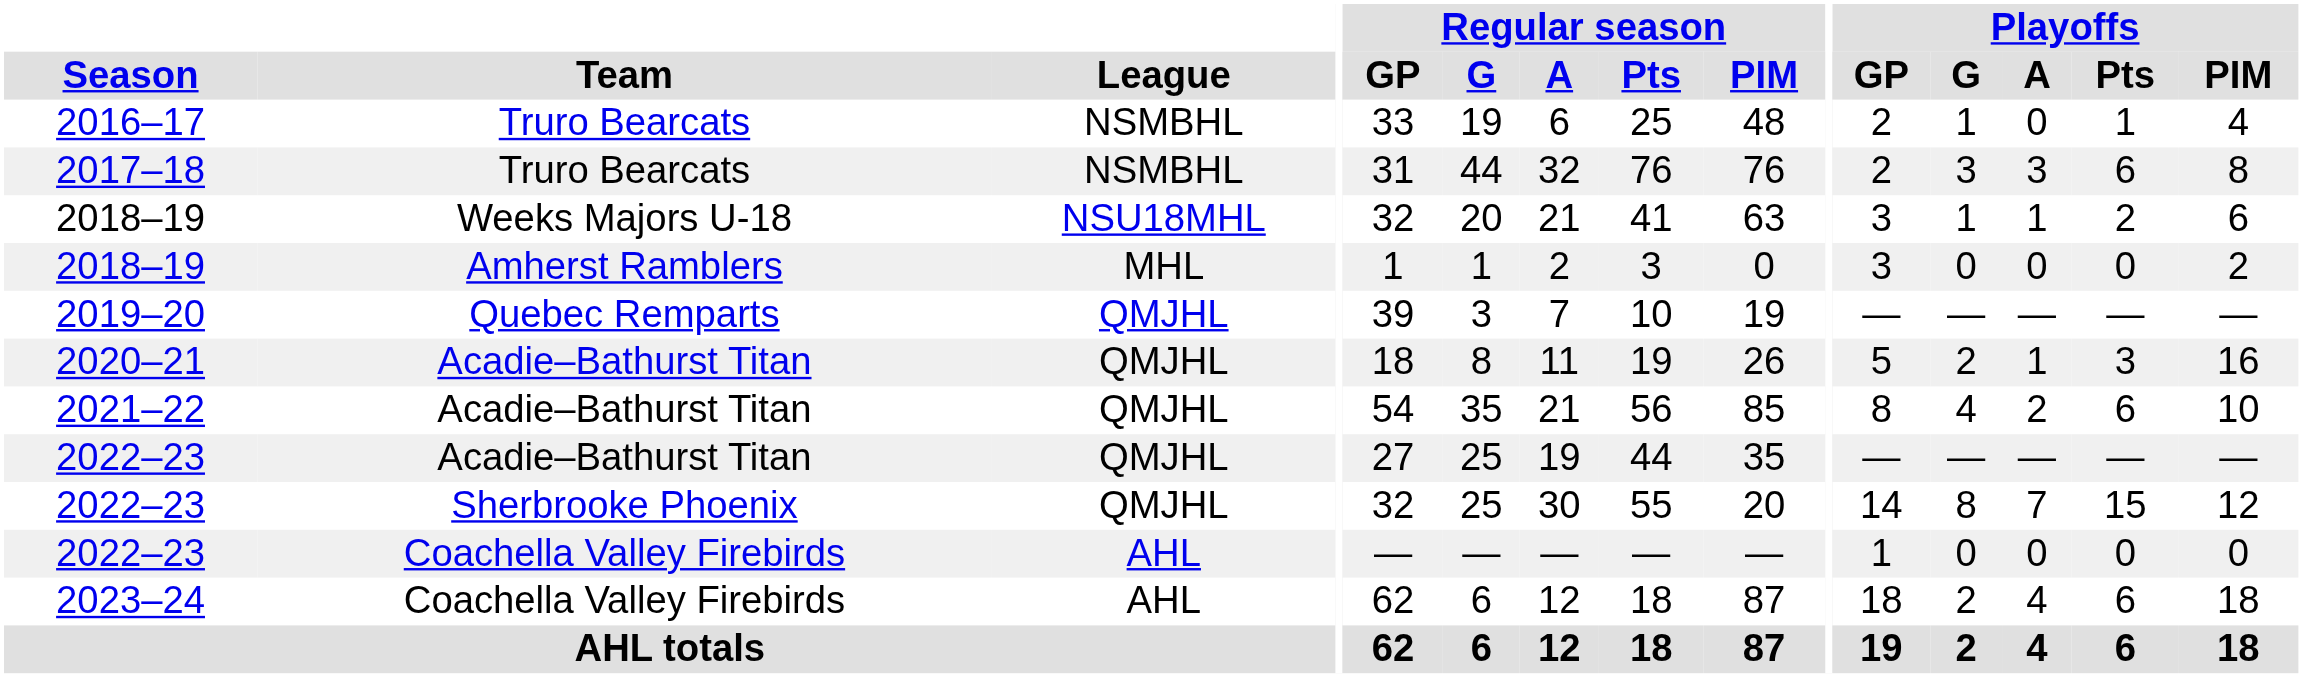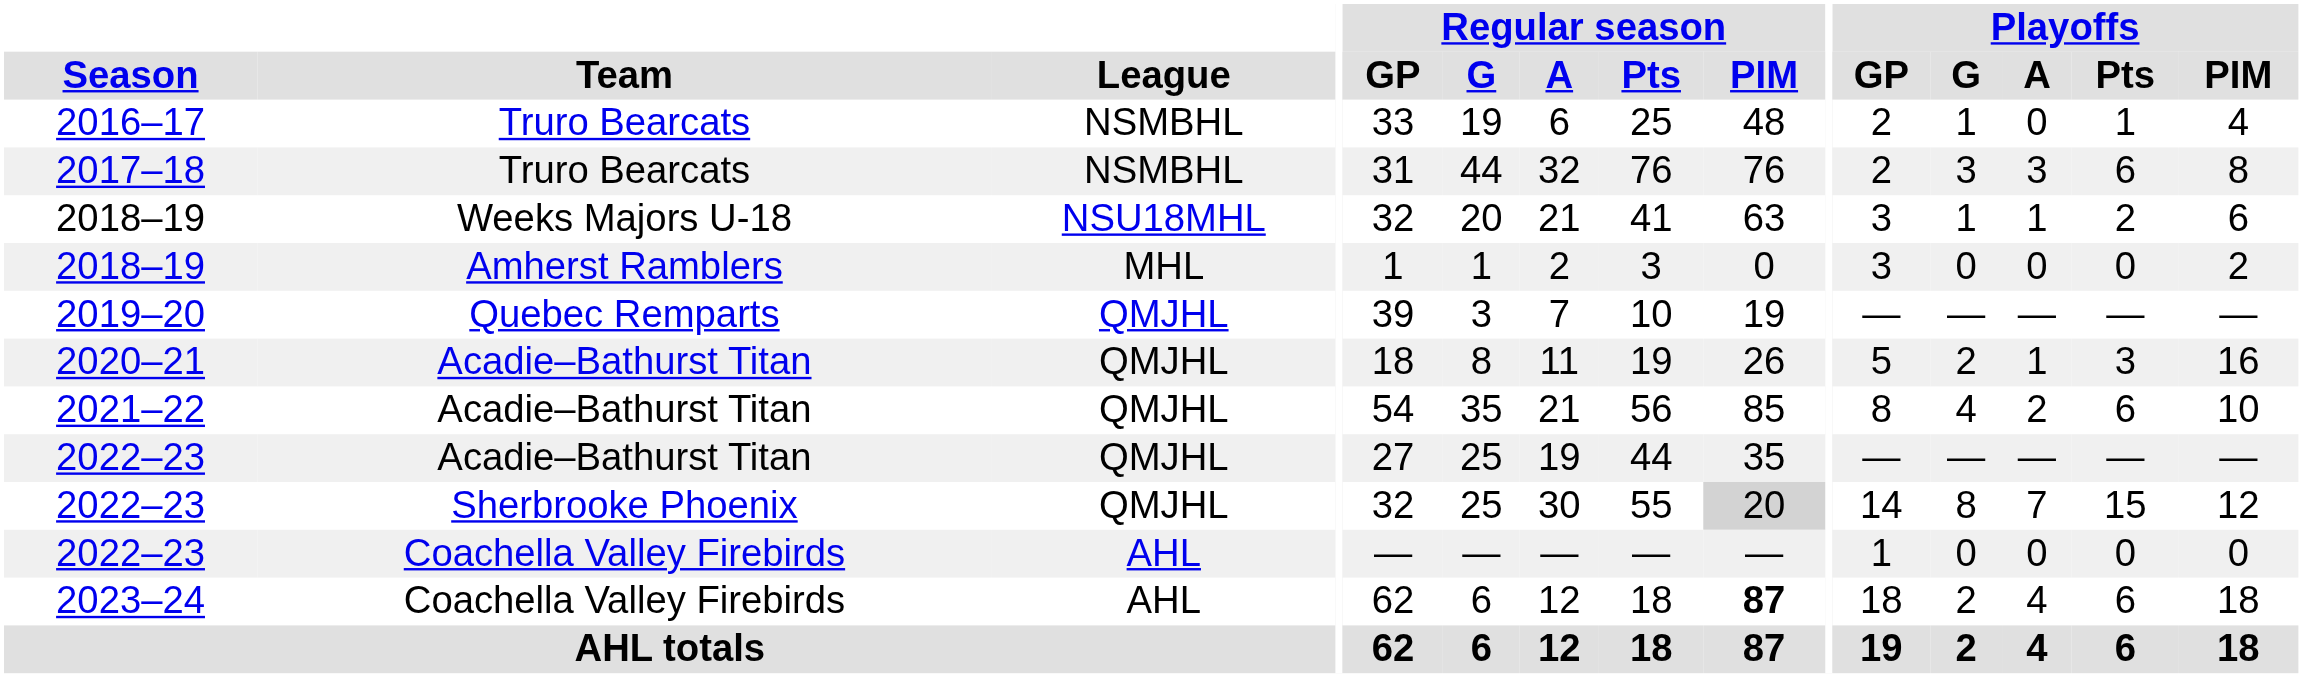 <table border="0" cellpadding="1" cellspacing="0" style="text-align:center; width:60em">
 <tr bgcolor="#e0e0e0">
 <th colspan="3" bgcolor="#ffffff"></th>
 <th rowspan="101" bgcolor="#ffffff"></th>
 <th colspan="5"><a href='#'>Regular season</a></th>
 <th rowspan="101" bgcolor="#ffffff"></th>
 <th colspan="5"><a href='#'>Playoffs</a></th>
 </tr>
 <tr bgcolor="#e0e0e0">
 <th><a href='#'>Season</a></th>
 <th>Team</th>
 <th>League</th>
 <th>GP</th>
 <th><a href='#'>G</a></th>
 <th><a href='#'>A</a></th>
 <th><a href='#'>Pts</a></th>
 <th><a href='#'>PIM</a></th>
 <th>GP</th>
 <th>G</th>
 <th>A</th>
 <th>Pts</th>
 <th>PIM</th>
 </tr>
 <tr>
 <td><a href='#'>2016–17</a></td>
 <td><a href='#'>Truro Bearcats</a></td>
 <td>NSMBHL</td>
 <td>33</td>
 <td>19</td>
 <td>6</td>
 <td>25</td>
 <td>48</td>
 <td>2</td>
 <td>1</td>
 <td>0</td>
 <td>1</td>
 <td>4</td>
 </tr>
 <tr bgcolor="#f0f0f0">
 <td><a href='#'>2017–18</a></td>
 <td>Truro Bearcats</td>
 <td>NSMBHL</td>
 <td>31</td>
 <td>44</td>
 <td>32</td>
 <td>76</td>
 <td>76</td>
 <td>2</td>
 <td>3</td>
 <td>3</td>
 <td>6</td>
 <td>8</td>
 </tr>
 <tr>
 <td>2018–19</td>
 <td>Weeks Majors U-18</td>
 <td><a href='#'>NSU18MHL</a></td>
 <td>32</td>
 <td>20</td>
 <td>21</td>
 <td>41</td>
 <td>63</td>
 <td>3</td>
 <td>1</td>
 <td>1</td>
 <td>2</td>
 <td>6</td>
 </tr>
 <tr bgcolor="#f0f0f0">
 <td><a href='#'>2018–19</a></td>
 <td><a href='#'>Amherst Ramblers</a></td>
 <td>MHL</td>
 <td>1</td>
 <td>1</td>
 <td>2</td>
 <td>3</td>
 <td>0</td>
 <td>3</td>
 <td>0</td>
 <td>0</td>
 <td>0</td>
 <td>2</td>
 </tr>
 <tr>
 <td><a href='#'>2019–20</a></td>
 <td><a href='#'>Quebec Remparts</a></td>
 <td><a href='#'>QMJHL</a></td>
 <td>39</td>
 <td>3</td>
 <td>7</td>
 <td>10</td>
 <td>19</td>
 <td>—</td>
 <td>—</td>
 <td>—</td>
 <td>—</td>
 <td>—</td>
 </tr>
 <tr bgcolor="#f0f0f0">
 <td><a href='#'>2020–21</a></td>
 <td><a href='#'>Acadie–Bathurst Titan</a></td>
 <td>QMJHL</td>
 <td>18</td>
 <td>8</td>
 <td>11</td>
 <td>19</td>
 <td>26</td>
 <td>5</td>
 <td>2</td>
 <td>1</td>
 <td>3</td>
 <td>16</td>
 </tr>
 <tr>
 <td><a href='#'>2021–22</a></td>
 <td>Acadie–Bathurst Titan</td>
 <td>QMJHL</td>
 <td>54</td>
 <td>35</td>
 <td>21</td>
 <td>56</td>
 <td>85</td>
 <td>8</td>
 <td>4</td>
 <td>2</td>
 <td>6</td>
 <td>10</td>
 </tr>
 <tr bgcolor="#f0f0f0">
 <td><a href='#'>2022–23</a></td>
 <td>Acadie–Bathurst Titan</td>
 <td>QMJHL</td>
 <td>27</td>
 <td>25</td>
 <td>19</td>
 <td>44</td>
 <td>35</td>
 <td>—</td>
 <td>—</td>
 <td>—</td>
 <td>—</td>
 <td>—</td>
 </tr>
 <tr>
 <td><a href='#'>2022–23</a></td>
 <td><a href='#'>Sherbrooke Phoenix</a></td>
 <td>QMJHL</td>
 <td>32</td>
 <td>25</td>
 <td>30</td>
 <td>55</td>
-<td>20</td>
+<td style="background: lightgrey;">20</td>
 <td>14</td>
 <td>8</td>
 <td>7</td>
 <td>15</td>
 <td>12</td>
 </tr>
 <tr bgcolor="#f0f0f0">
 <td><a href='#'>2022–23</a></td>
 <td><a href='#'>Coachella Valley Firebirds</a></td>
 <td><a href='#'>AHL</a></td>
 <td>—</td>
 <td>—</td>
 <td>—</td>
 <td>—</td>
 <td>—</td>
 <td>1</td>
 <td>0</td>
 <td>0</td>
 <td>0</td>
 <td>0</td>
 </tr>
 <tr>
 <td><a href='#'>2023–24</a></td>
 <td>Coachella Valley Firebirds</td>
 <td>AHL</td>
 <td>62</td>
 <td>6</td>
 <td>12</td>
 <td>18</td>
-<td>87</td>
+<td><strong>87</strong></td>
 <td>18</td>
 <td>2</td>
 <td>4</td>
 <td>6</td>
 <td>18</td>
 </tr>
 <tr bgcolor="#e0e0e0">
 <th colspan="3">AHL totals</th>
 <th>62</th>
 <th>6</th>
 <th>12</th>
 <th>18</th>
 <th>87</th>
 <th>19</th>
 <th>2</th>
 <th>4</th>
 <th>6</th>
 <th>18</th>
 </tr>
 </table>
